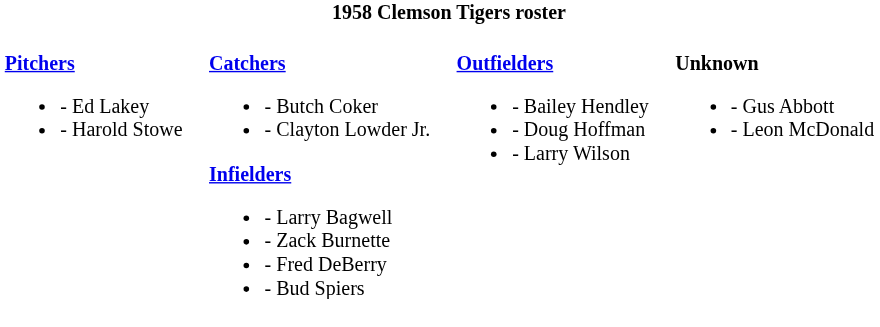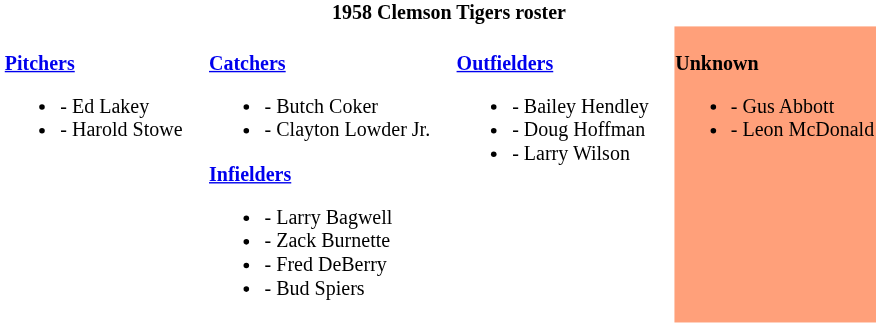 <table class="toccolours" style="border-collapse:collapse; font-size:90%;">
 <tr>
 <th colspan="11">1958 Clemson Tigers roster</th>
 </tr>
 <tr>
 </tr>
 <tr>
 <td width="03"> </td>
 <td valign="top"></td>
 <td width="03"> </td>
 <td valign="top"><br><strong><a href='#'>Pitchers</a></strong><ul><li>- Ed Lakey</li><li>- Harold Stowe</li></ul></td>
 <td width="15"> </td>
 <td valign="top"><br><strong><a href='#'>Catchers</a></strong><ul><li>- Butch Coker</li><li>- Clayton Lowder Jr.</li></ul><strong><a href='#'>Infielders</a></strong><ul><li>- Larry Bagwell</li><li>- Zack Burnette</li><li>- Fred DeBerry</li><li>- Bud Spiers</li></ul></td>
 <td width="15"> </td>
 <td valign="top"><br><strong><a href='#'>Outfielders</a></strong><ul><li>- Bailey Hendley</li><li>- Doug Hoffman</li><li>- Larry Wilson</li></ul></td>
 <td width="15"> </td>
-<td valign="top"><br><strong>Unknown</strong><ul><li>- Gus Abbott</li><li>- Leon McDonald</li></ul></td>
+<td valign="top" style="background: lightsalmon;"><br><strong>Unknown</strong><ul><li>- Gus Abbott</li><li>- Leon McDonald</li></ul></td>
 <td width="25"> </td>
 </tr>
 </table>
